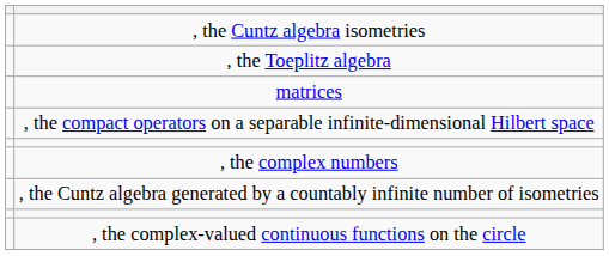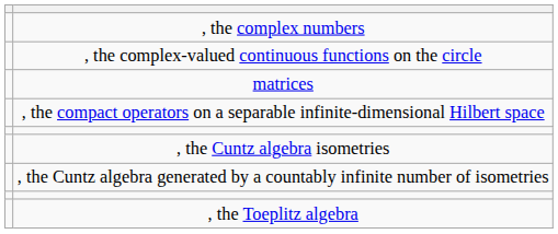 <table class="wikitable" style="text-align: center;">
 <tr>
 <th></th>
 <th></th>
 </tr>
 <tr>
 <td></td>
-<td>, the <a href='#'>Cuntz algebra</a> isometries</td>
+<td>, the <a href='#'>complex numbers</a></td>
 </tr>
 <tr>
 <td></td>
-<td>, the <a href='#'>Toeplitz algebra</a></td>
+<td>, the complex-valued <a href='#'>continuous functions</a> on the <a href='#'>circle</a></td>
 </tr>
 <tr>
 <td> </td>
 <td> <a href='#'>matrices</a></td>
 </tr>
 <tr>
 <td> </td>
 <td>, the <a href='#'>compact operators</a> on a separable infinite-dimensional <a href='#'>Hilbert space</a></td>
 </tr>
 <tr>
 <td></td>
 <td></td>
 </tr>
 <tr>
 <td></td>
-<td>, the <a href='#'>complex numbers</a></td>
+<td>, the <a href='#'>Cuntz algebra</a> isometries</td>
 </tr>
 <tr>
 <td></td>
 <td>, the Cuntz algebra generated by a countably infinite number of isometries</td>
 </tr>
 <tr>
 <td> </td>
 <td></td>
 </tr>
 <tr>
 <td></td>
-<td>, the complex-valued <a href='#'>continuous functions</a> on the <a href='#'>circle</a></td>
+<td>, the <a href='#'>Toeplitz algebra</a></td>
 </tr>
 </table>
